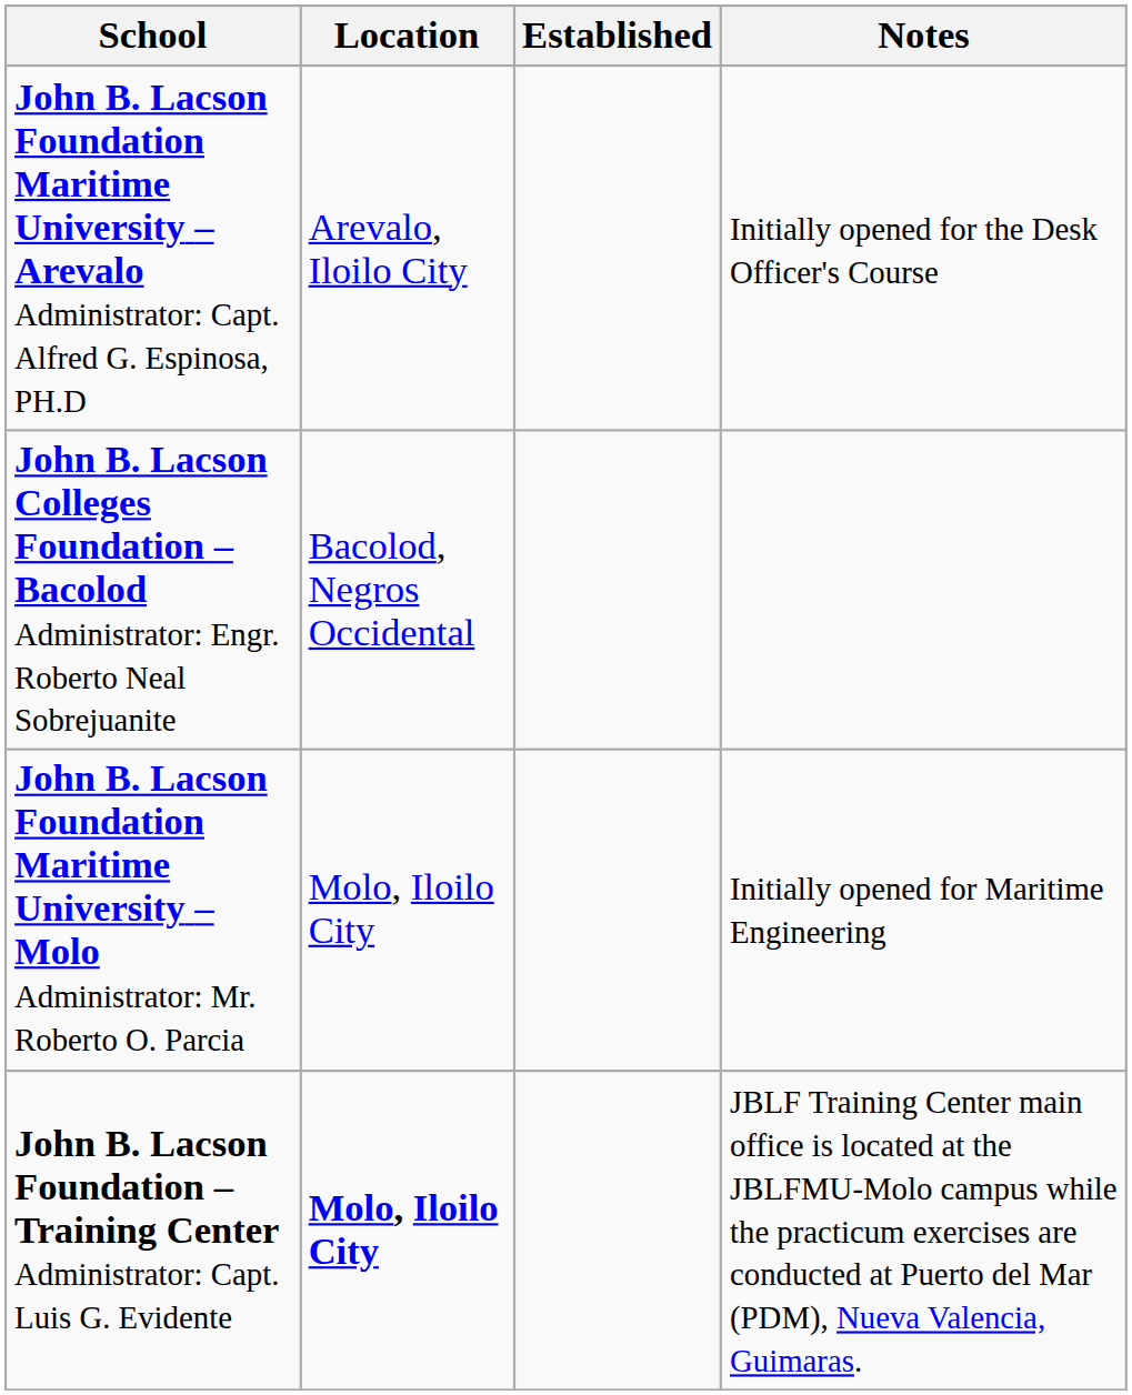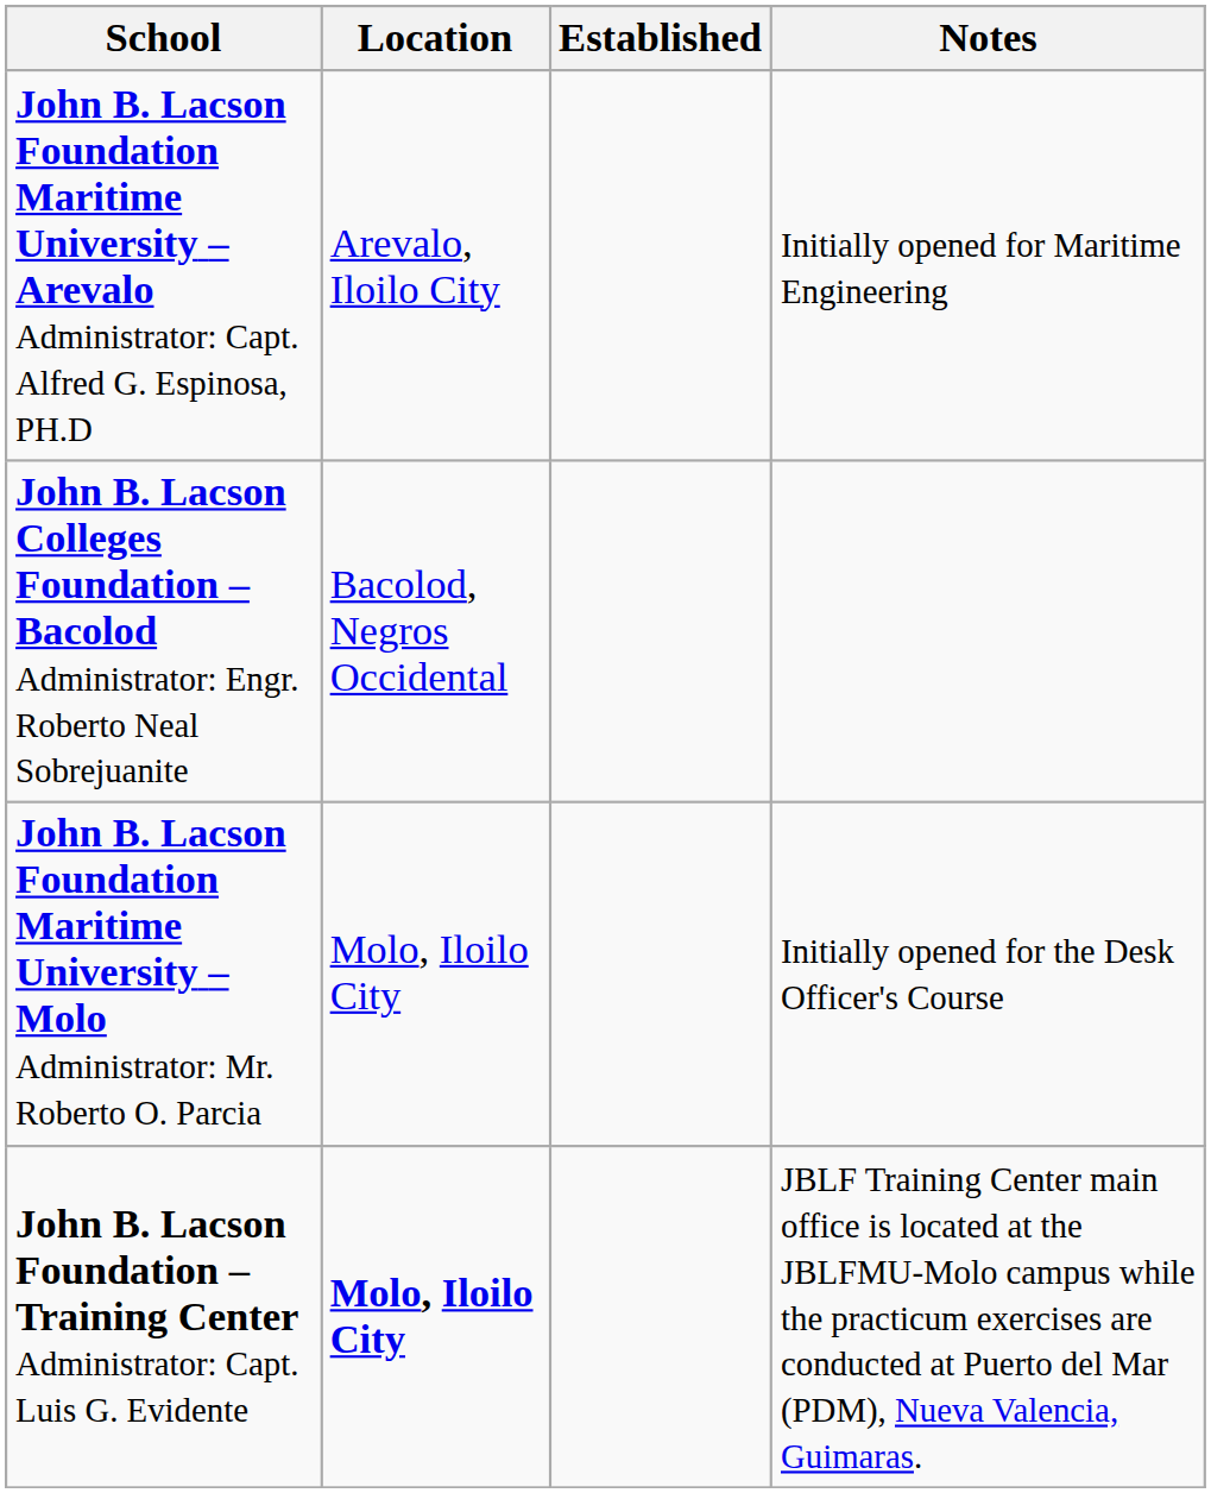 <table class="wikitable" width="75%" border="1">
 <tr>
 <th>School</th>
 <th>Location</th>
 <th>Established</th>
 <th>Notes</th>
 </tr>
 <tr>
 <td><a href='#'><strong>John B. Lacson Foundation Maritime University</strong> <strong>– Arevalo</strong></a><br><small>Administrator: Capt. Alfred G. Espinosa, PH.D</small></td>
 <td><a href='#'>Arevalo</a>, <a href='#'>Iloilo City</a></td>
 <td></td>
-<td><small>Initially opened for the Desk Officer's Course</small></td>
+<td><small>Initially opened for Maritime Engineering</small></td>
 </tr>
 <tr>
 <td><strong><a href='#'>John B. Lacson Colleges Foundation – Bacolod</a></strong><br><small>Administrator: Engr. Roberto Neal Sobrejuanite</small></td>
 <td><a href='#'>Bacolod</a>, <a href='#'>Negros Occidental</a></td>
 <td></td>
 <td></td>
 </tr>
 <tr>
 <td><a href='#'><strong>John B. Lacson Foundation Maritime University</strong> <strong>– Molo</strong></a><br><small>Administrator: Mr. Roberto O. Parcia</small></td>
 <td><a href='#'>Molo</a>, <a href='#'>Iloilo City</a></td>
 <td></td>
-<td><small>Initially opened for Maritime Engineering</small></td>
+<td><small>Initially opened for the Desk Officer's Course</small></td>
 </tr>
 <tr>
 <td><strong>John B. Lacson Foundation – Training Center</strong><br><small>Administrator: Capt. Luis G. Evidente</small></td>
 <td><strong><a href='#'>Molo</a>, <a href='#'>Iloilo City</a></strong></td>
 <td></td>
 <td><small>JBLF Training Center main office is located at the JBLFMU-Molo campus while the practicum exercises are conducted at Puerto del Mar (PDM), <a href='#'>Nueva Valencia, Guimaras</a>.</small></td>
 </tr>
 </table>
